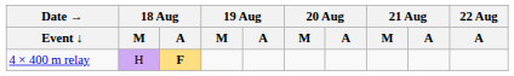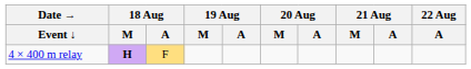 <table class="wikitable" style="text-align:center; margin:0.5em auto; font-size:90%; line-height:1.25em;">
 <tr>
 <th>Date →</th>
 <th colspan=2>18 Aug</th>
 <th colspan=2>19 Aug</th>
 <th colspan=2>20 Aug</th>
 <th colspan=2>21 Aug</th>
 <th>22 Aug</th>
 </tr>
 <tr>
 <th width="120px">Event ↓</th>
 <th width="40px">M</th>
 <th width="40px">A</th>
 <th width="40px">M</th>
 <th width="40px">A</th>
 <th width="40px">M</th>
 <th width="40px">A</th>
 <th width="40px">M</th>
 <th width="40px">A</th>
 <th width="60px">A</th>
 </tr>
 <tr>
 <td align="left"><a href='#'>4 × 400 m relay</a></td>
-<td bgcolor="#D0A9F5">H</td>
-<td bgcolor="#FFDF80"><strong>F</strong></td>
+<td bgcolor="#D0A9F5"><strong>H</strong></td>
+<td bgcolor="#FFDF80">F</td>
 <td></td>
 <td></td>
 <td></td>
 <td></td>
 <td></td>
 <td></td>
 <td></td>
 </tr>
 </table>
